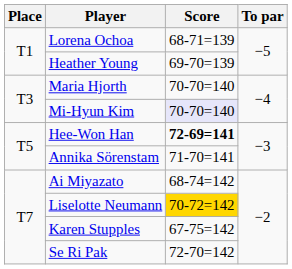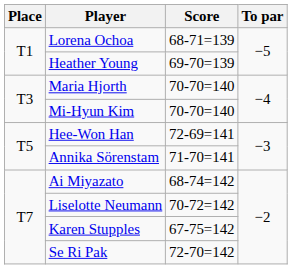 <table class="wikitable">
 <tr>
 <th>Place</th>
 <th>Player</th>
 <th>Score</th>
 <th>To par</th>
 </tr>
 <tr>
 <td rowspan=2 align=center>T1</td>
 <td> <a href='#'>Lorena Ochoa</a></td>
 <td>68-71=139</td>
 <td rowspan=2 align=center>−5</td>
 </tr>
 <tr>
 <td> <a href='#'>Heather Young</a></td>
 <td>69-70=139</td>
 </tr>
 <tr>
 <td rowspan=2 align=center>T3</td>
 <td> <a href='#'>Maria Hjorth</a></td>
 <td>70-70=140</td>
 <td rowspan=2 align=center>−4</td>
 </tr>
 <tr>
 <td> <a href='#'>Mi-Hyun Kim</a></td>
-<td style="background: lavender;">70-70=140</td>
+<td>70-70=140</td>
 </tr>
 <tr>
 <td rowspan=2 align=center>T5</td>
 <td> <a href='#'>Hee-Won Han</a></td>
-<td><strong>72-69=141</strong></td>
+<td>72-69=141</td>
 <td rowspan=2 align=center>−3</td>
 </tr>
 <tr>
 <td> <a href='#'>Annika Sörenstam</a></td>
 <td>71-70=141</td>
 </tr>
 <tr>
 <td rowspan=4 align=center>T7</td>
 <td> <a href='#'>Ai Miyazato</a></td>
 <td>68-74=142</td>
 <td rowspan=4 align=center>−2</td>
 </tr>
 <tr>
 <td> <a href='#'>Liselotte Neumann</a></td>
-<td style="background: gold;">70-72=142</td>
+<td>70-72=142</td>
 </tr>
 <tr>
 <td> <a href='#'>Karen Stupples</a></td>
 <td>67-75=142</td>
 </tr>
 <tr>
 <td> <a href='#'>Se Ri Pak</a></td>
 <td>72-70=142</td>
 </tr>
 </table>
